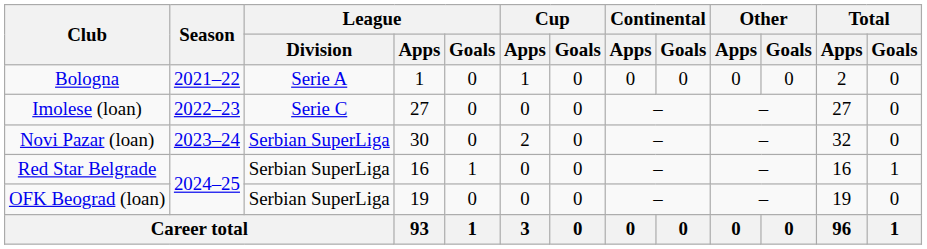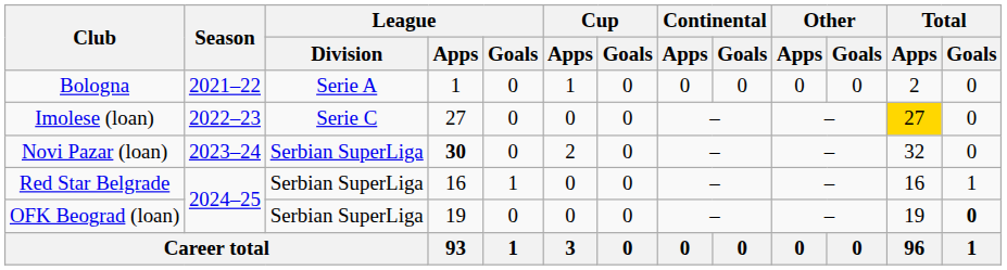 <table class="wikitable" style="text-align:center">
 <tr>
 <th rowspan="2">Club</th>
 <th rowspan="2">Season</th>
 <th colspan="3">League</th>
 <th colspan="2">Cup</th>
 <th colspan="2">Continental</th>
 <th colspan="2">Other</th>
 <th colspan="2">Total</th>
 </tr>
 <tr>
 <th>Division</th>
 <th>Apps</th>
 <th>Goals</th>
 <th>Apps</th>
 <th>Goals</th>
 <th>Apps</th>
 <th>Goals</th>
 <th>Apps</th>
 <th>Goals</th>
 <th>Apps</th>
 <th>Goals</th>
 </tr>
 <tr>
 <td><a href='#'>Bologna</a></td>
 <td><a href='#'>2021–22</a></td>
 <td><a href='#'>Serie A</a></td>
 <td>1</td>
 <td>0</td>
 <td>1</td>
 <td>0</td>
 <td>0</td>
 <td>0</td>
 <td>0</td>
 <td>0</td>
 <td>2</td>
 <td>0</td>
 </tr>
 <tr>
 <td><a href='#'>Imolese</a> (loan)</td>
 <td><a href='#'>2022–23</a></td>
 <td><a href='#'>Serie C</a></td>
 <td>27</td>
 <td>0</td>
 <td>0</td>
 <td>0</td>
 <td colspan="2">–</td>
 <td colspan="2">–</td>
-<td>27</td>
+<td style="background: gold;">27</td>
 <td>0</td>
 </tr>
 <tr>
 <td><a href='#'>Novi Pazar</a> (loan)</td>
 <td><a href='#'>2023–24</a></td>
 <td><a href='#'>Serbian SuperLiga</a></td>
-<td>30</td>
+<td><strong>30</strong></td>
 <td>0</td>
 <td>2</td>
 <td>0</td>
 <td colspan="2">–</td>
 <td colspan="2">–</td>
 <td>32</td>
 <td>0</td>
 </tr>
 <tr>
 <td><a href='#'>Red Star Belgrade</a></td>
 <td rowspan="2"><a href='#'>2024–25</a></td>
 <td>Serbian SuperLiga</td>
 <td>16</td>
 <td>1</td>
 <td>0</td>
 <td>0</td>
 <td colspan="2">–</td>
 <td colspan="2">–</td>
 <td>16</td>
 <td>1</td>
 </tr>
 <tr>
 <td><a href='#'>OFK Beograd</a> (loan)</td>
 <td>Serbian SuperLiga</td>
 <td>19</td>
 <td>0</td>
 <td>0</td>
 <td>0</td>
 <td colspan="2">–</td>
 <td colspan="2">–</td>
 <td>19</td>
-<td>0</td>
+<td><strong>0</strong></td>
 </tr>
 <tr>
 <th colspan="3">Career total</th>
 <th>93</th>
 <th>1</th>
 <th>3</th>
 <th>0</th>
 <th>0</th>
 <th>0</th>
 <th>0</th>
 <th>0</th>
 <th>96</th>
 <th>1</th>
 </tr>
 </table>
